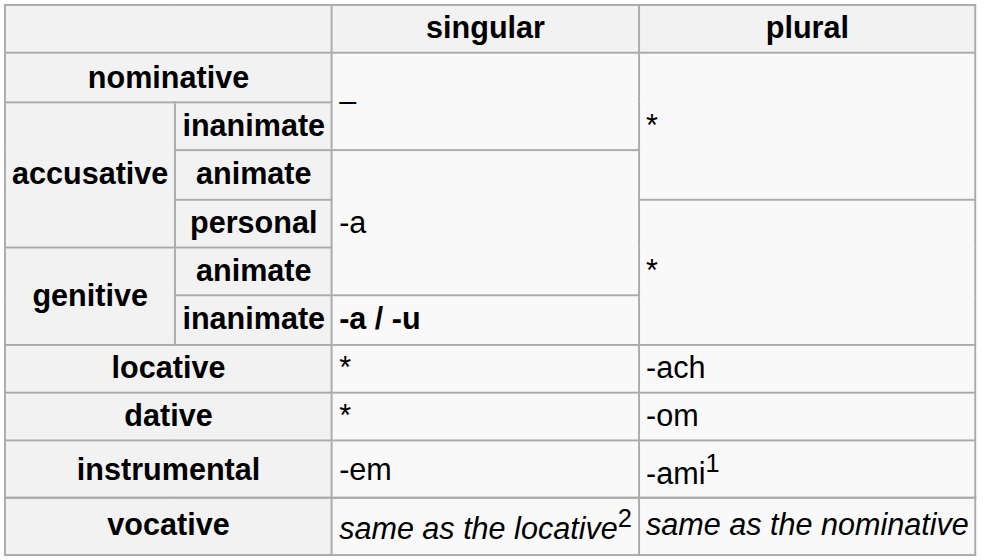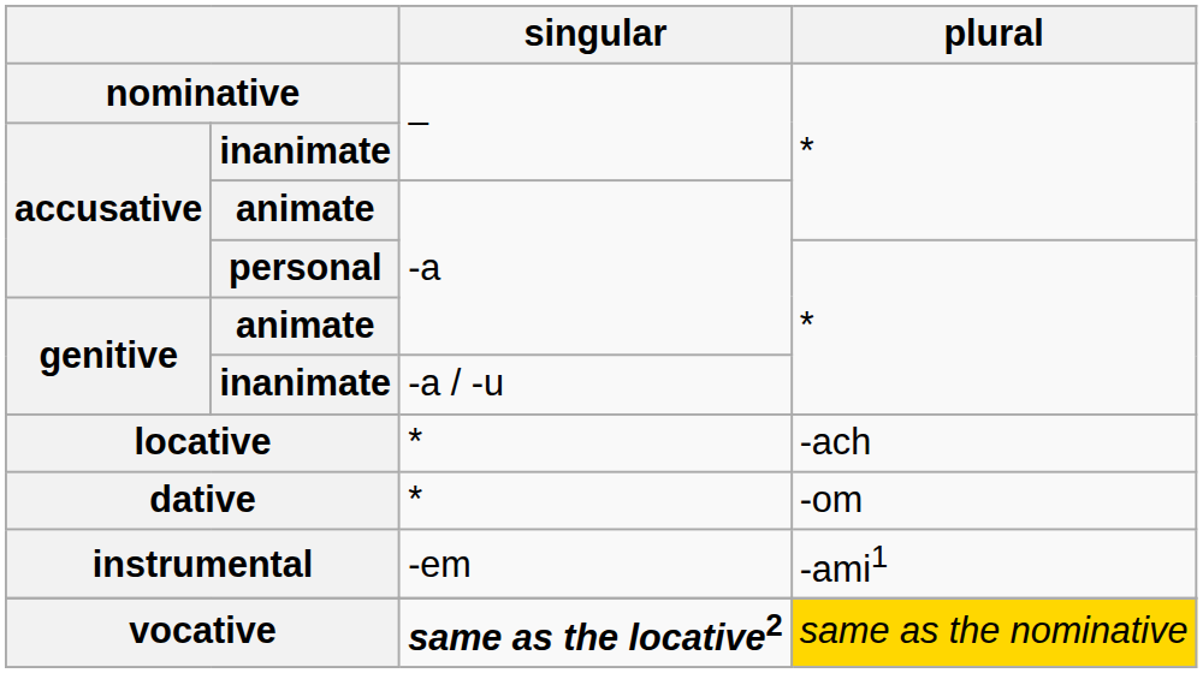 <table class="wikitable">
 <tr>
 <th colspan="2"></th>
 <th>singular</th>
 <th>plural</th>
 </tr>
 <tr>
 <th colspan="2">nominative</th>
 <td rowspan="2">–</td>
 <td rowspan="3">*</td>
 </tr>
 <tr>
 <th rowspan="3">accusative</th>
 <th>inanimate</th>
 </tr>
 <tr>
 <th>animate</th>
 <td rowspan="3">-a</td>
 </tr>
 <tr>
 <th>personal</th>
 <td rowspan="3">*</td>
 </tr>
 <tr>
 <th rowspan="2">genitive</th>
 <th>animate</th>
 </tr>
 <tr>
 <th>inanimate</th>
-<td><strong>-a / -u</strong></td>
+<td>-a / -u</td>
 </tr>
 <tr>
 <th colspan="2">locative</th>
 <td>*</td>
 <td>-ach</td>
 </tr>
 <tr>
 <th colspan="2">dative</th>
 <td>*</td>
 <td>-om</td>
 </tr>
 <tr>
 <th colspan="2">instrumental</th>
 <td>-em</td>
 <td>-ami<sup>1</sup></td>
 </tr>
 <tr>
 </tr>
 <tr>
 <th colspan="2">vocative</th>
-<td><em>same as the locative</em><sup>2</sup></td>
-<td><em>same as the nominative</em></td>
+<td><strong><em>same as the locative</em><sup>2</sup></strong></td>
+<td style="background: gold;"><em>same as the nominative</em></td>
 </tr>
 </table>
